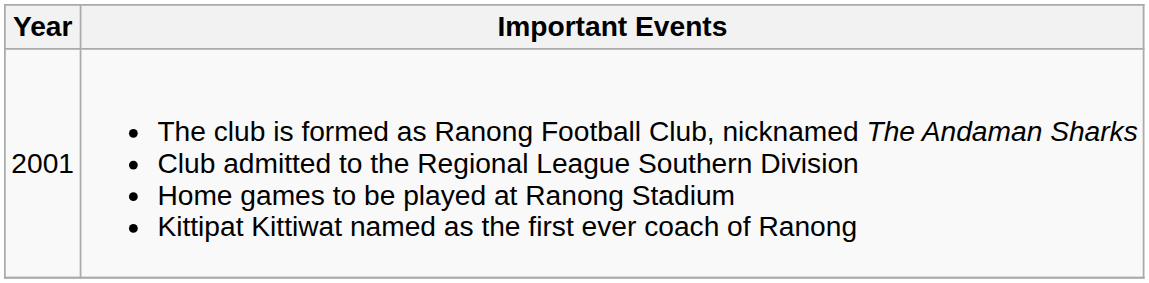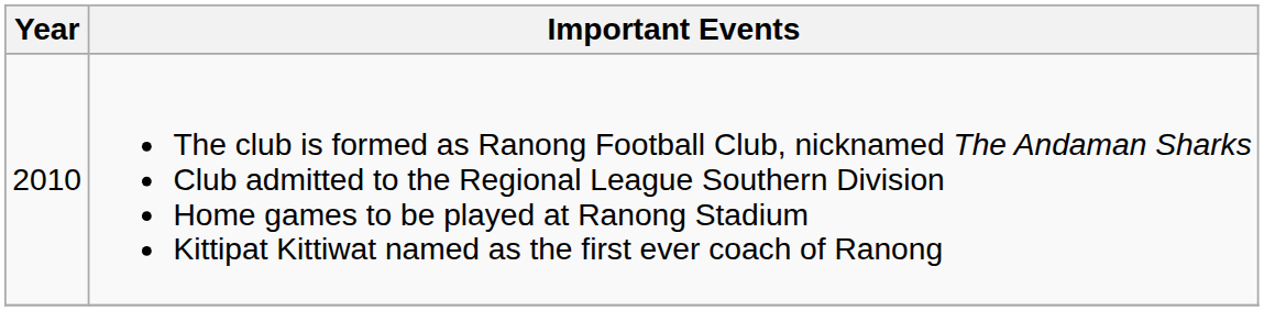 <table class="wikitable">
 <tr>
 <th>Year</th>
 <th>Important Events</th>
 </tr>
 <tr>
-<td>2001</td>
+<td>2010</td>
 <td><br><ul><li>The club is formed as Ranong Football Club, nicknamed <em>The Andaman Sharks</em></li><li>Club admitted to the Regional League Southern Division</li><li>Home games to be played at Ranong Stadium</li><li>Kittipat Kittiwat named as the first ever coach of Ranong</li></ul></td>
 </tr>
 <tr>
 </tr>
 </table>
